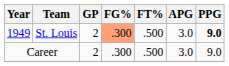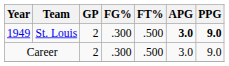 <table class="wikitable sortable" style="font-size:95%; text-align:right;">
 <tr>
 <th>Year</th>
 <th>Team</th>
 <th>GP</th>
 <th>FG%</th>
 <th>FT%</th>
 <th>APG</th>
 <th>PPG</th>
 </tr>
 <tr>
 <td style="text-align:left;"><a href='#'>1949</a></td>
 <td style="text-align:left;"><a href='#'>St. Louis</a></td>
 <td>2</td>
-<td style="background: lightsalmon;">.300</td>
+<td>.300</td>
 <td>.500</td>
-<td>3.0</td>
+<td><strong>3.0</strong></td>
 <td><strong>9.0</strong></td>
 </tr>
 <tr>
 <td style="text-align:center;" colspan="2">Career</td>
 <td>2</td>
 <td>.300</td>
 <td>.500</td>
 <td>3.0</td>
 <td>9.0</td>
 </tr>
 <tr>
 </tr>
 </table>
